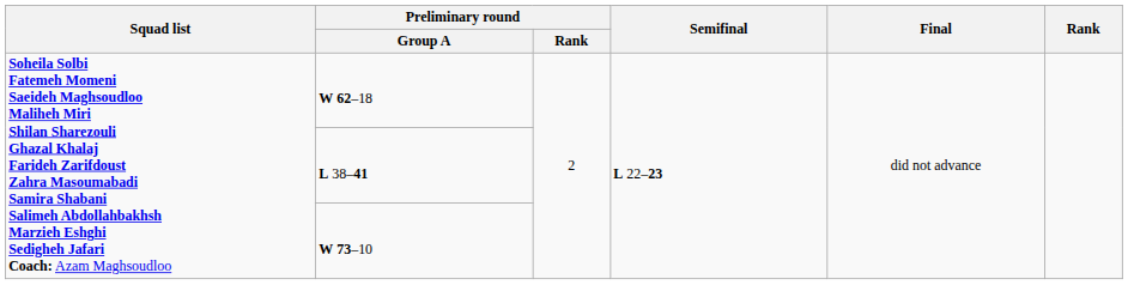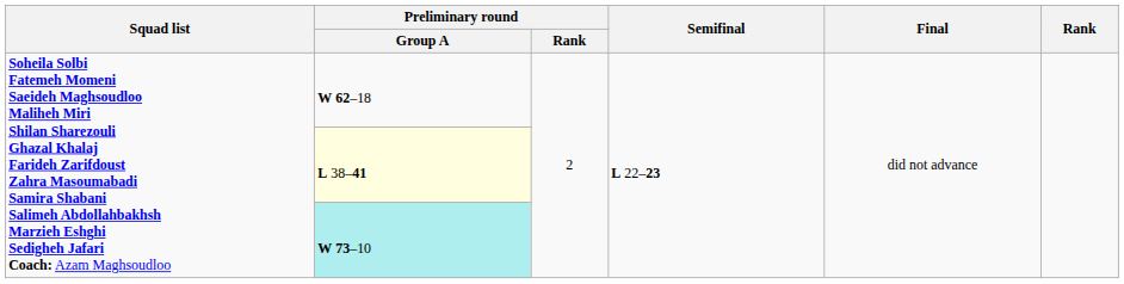 <table class="wikitable" width="71%" style="text-align:left; font-size:90%">
 <tr>
 <th rowspan="2" width="20%">Squad list</th>
 <th colspan="2">Preliminary round</th>
 <th rowspan="2" width="14%">Semifinal</th>
 <th rowspan="2" width="14%">Final</th>
 <th rowspan="2" width="5%">Rank</th>
 </tr>
 <tr>
 <th width="14%">Group A</th>
 <th width="5%">Rank</th>
 </tr>
 <tr>
 <td rowspan="3"><strong><a href='#'>Soheila Solbi</a><br><a href='#'>Fatemeh Momeni</a><br><a href='#'>Saeideh Maghsoudloo</a><br><a href='#'>Maliheh Miri</a><br><a href='#'>Shilan Sharezouli</a><br><a href='#'>Ghazal Khalaj</a><br><a href='#'>Farideh Zarifdoust</a><br><a href='#'>Zahra Masoumabadi</a><br><a href='#'>Samira Shabani</a><br><a href='#'>Salimeh Abdollahbakhsh</a><br><a href='#'>Marzieh Eshghi</a><br><a href='#'>Sedigheh Jafari</a><br>Coach:</strong> <a href='#'>Azam Maghsoudloo</a></td>
 <td><br><strong>W</strong> <strong>62</strong>–18</td>
 <td rowspan="3" align=center>2 <strong></strong></td>
 <td rowspan="3"><br><strong>L</strong> 22–<strong>23</strong></td>
 <td rowspan="3" align="center">did not advance</td>
 <td rowspan="3" align="center"></td>
 </tr>
 <tr>
-<td><br><strong>L</strong> 38–<strong>41</strong></td>
+<td style="background: lightyellow;"><br><strong>L</strong> 38–<strong>41</strong></td>
 </tr>
 <tr>
-<td><br><strong>W</strong> <strong>73</strong>–10</td>
+<td style="background: paleturquoise;"><br><strong>W</strong> <strong>73</strong>–10</td>
 </tr>
 </table>
